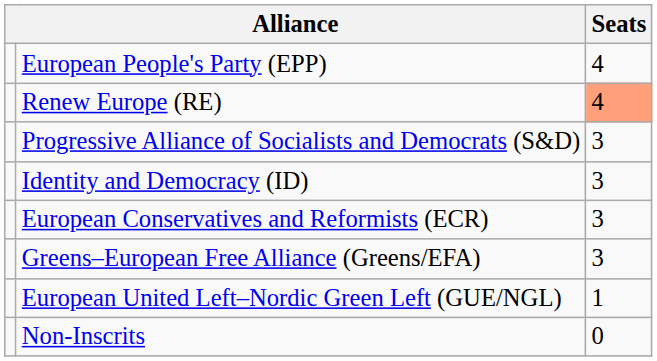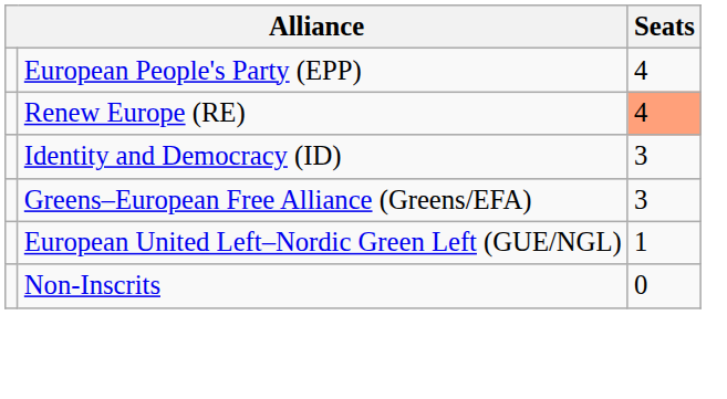 <table class="wikitable">
 <tr>
 <th colspan="2">Alliance</th>
 <th>Seats</th>
 </tr>
 <tr>
 <td style="background-color: "></td>
 <td><a href='#'>European People's Party</a> (EPP)</td>
 <td>4</td>
 </tr>
 <tr>
 <td style="background-color: "></td>
 <td><a href='#'>Renew Europe</a> (RE)</td>
 <td style="background: lightsalmon;">4</td>
 </tr>
 <tr>
 <td style="background-color: "></td>
-<td><a href='#'>Progressive Alliance of Socialists and Democrats</a> (S&D)</td>
-<td>3</td>
-</tr>
-<tr>
-<td style="background-color: "></td>
 <td><a href='#'>Identity and Democracy</a> (ID)</td>
-<td>3</td>
-</tr>
-<tr>
-<td style="background-color: "></td>
-<td><a href='#'>European Conservatives and Reformists</a> (ECR)</td>
 <td>3</td>
 </tr>
 <tr>
 <td style="background-color: "></td>
 <td><a href='#'>Greens–European Free Alliance</a> (Greens/EFA)</td>
 <td>3</td>
 </tr>
 <tr>
 <td style="background-color: "></td>
 <td><a href='#'>European United Left–Nordic Green Left</a> (GUE/NGL)</td>
 <td>1</td>
 </tr>
 <tr>
 <td style="background-color: "></td>
 <td><a href='#'>Non-Inscrits</a></td>
 <td>0</td>
 </tr>
 </table>
